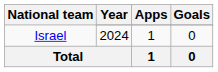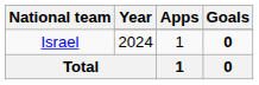 <table class="wikitable" style="text-align:center">
 <tr>
 <th>National team</th>
 <th>Year</th>
 <th>Apps</th>
 <th>Goals</th>
 </tr>
 <tr>
 <td rowspan=2><a href='#'>Israel</a></td>
 </tr>
 <tr>
 <td>2024</td>
 <td>1</td>
-<td>0</td>
+<td><strong>0</strong></td>
 </tr>
 <tr>
 <th colspan="2">Total</th>
 <th>1</th>
 <th>0</th>
 </tr>
 </table>
